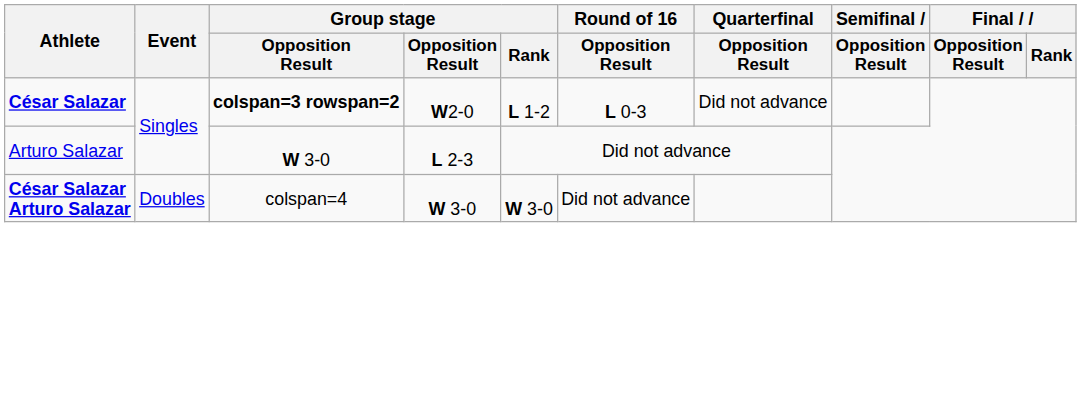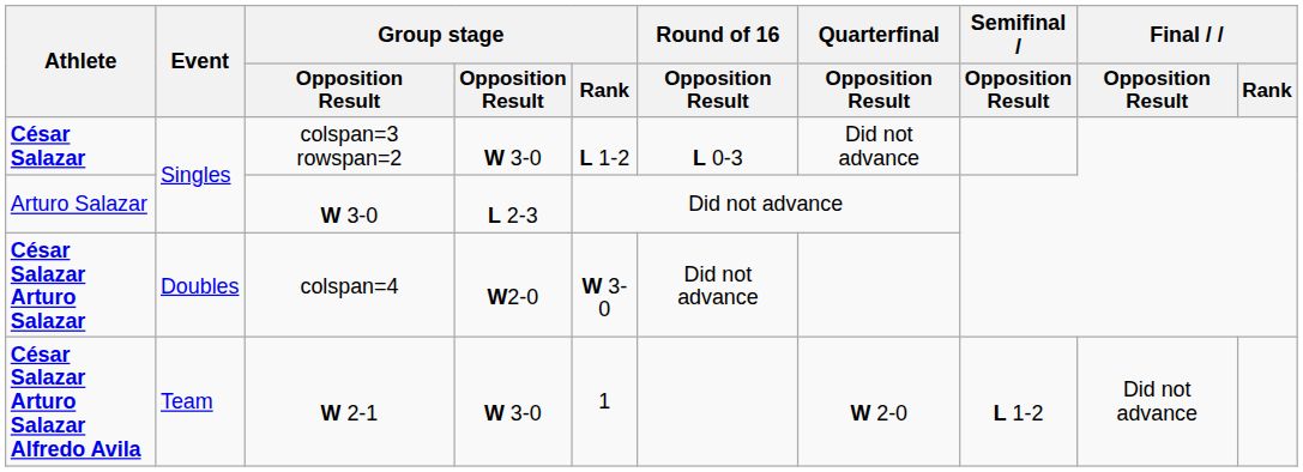 <table class=wikitable style=font-size:90%;text-align:center>
 <tr>
 <th rowspan=2>Athlete</th>
 <th rowspan=2>Event</th>
 <th colspan=3>Group stage</th>
 <th>Round of 16</th>
 <th>Quarterfinal</th>
 <th>Semifinal / </th>
 <th colspan=2>Final /  / </th>
 </tr>
 <tr style=font-size:95%>
 <th>Opposition<br>Result</th>
 <th>Opposition<br>Result</th>
 <th>Rank</th>
 <th>Opposition<br>Result</th>
 <th>Opposition<br>Result</th>
 <th>Opposition<br>Result</th>
 <th>Opposition<br>Result</th>
 <th>Rank</th>
 </tr>
 <tr>
 <td align=left><strong><a href='#'>César Salazar</a></strong></td>
 <td align=left rowspan=2><a href='#'>Singles</a></td>
-<td><strong>colspan=3 rowspan=2 </strong></td>
-<td><br><strong>W</strong>2-0</td>
+<td>colspan=3 rowspan=2 </td>
+<td><br><strong>W</strong> 3-0</td>
 <td><br><strong>L</strong> 1-2</td>
 <td><br><strong>L</strong> 0-3</td>
 <td>Did not advance</td>
 <td></td>
 </tr>
 <tr>
 <td align=left><a href='#'>Arturo Salazar</a></td>
 <td><br><strong>W</strong> 3-0</td>
 <td><br><strong>L</strong> 2-3</td>
 <td colspan=3>Did not advance</td>
 </tr>
 <tr>
 <td align=left><strong><a href='#'>César Salazar</a><br><a href='#'>Arturo Salazar</a></strong></td>
 <td align=left><a href='#'>Doubles</a></td>
 <td>colspan=4 </td>
-<td><br><strong>W</strong> 3-0</td>
+<td><br><strong>W</strong>2-0</td>
 <td><br><strong>W</strong> 3-0</td>
 <td>Did not advance</td>
 <td></td>
 </tr>
+<tr>
+<td align=left><strong><a href='#'>César Salazar</a><br><a href='#'>Arturo Salazar</a><br><a href='#'>Alfredo Avila</a></strong></td>
+<td align=left><a href='#'>Team</a></td>
+<td><br><strong>W</strong> 2-1</td>
+<td><br><strong>W</strong> 3-0</td>
+<td>1</td>
+<td></td>
+<td><br><strong>W</strong> 2-0</td>
+<td><br><strong>L</strong> 1-2</td>
+<td>Did not advance</td>
+<td></td>
+</tr>
 </table>
